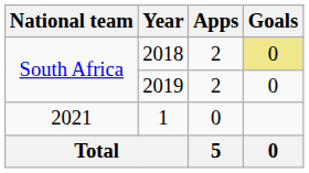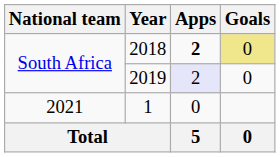 <table class="wikitable" style="text-align:center">
 <tr>
 <th>National team</th>
 <th>Year</th>
 <th>Apps</th>
 <th>Goals</th>
 </tr>
 <tr>
 <td rowspan="2"><a href='#'>South Africa</a></td>
 <td>2018</td>
-<td>2</td>
+<td><strong>2</strong></td>
 <td style="background: khaki;">0</td>
 </tr>
 <tr>
 <td>2019</td>
-<td>2</td>
+<td style="background: lavender;">2</td>
 <td>0</td>
 </tr>
 <tr>
 <td>2021</td>
 <td>1</td>
 <td>0</td>
 </tr>
 <tr>
 <th colspan=2>Total</th>
 <th>5</th>
 <th>0</th>
 </tr>
 </table>
